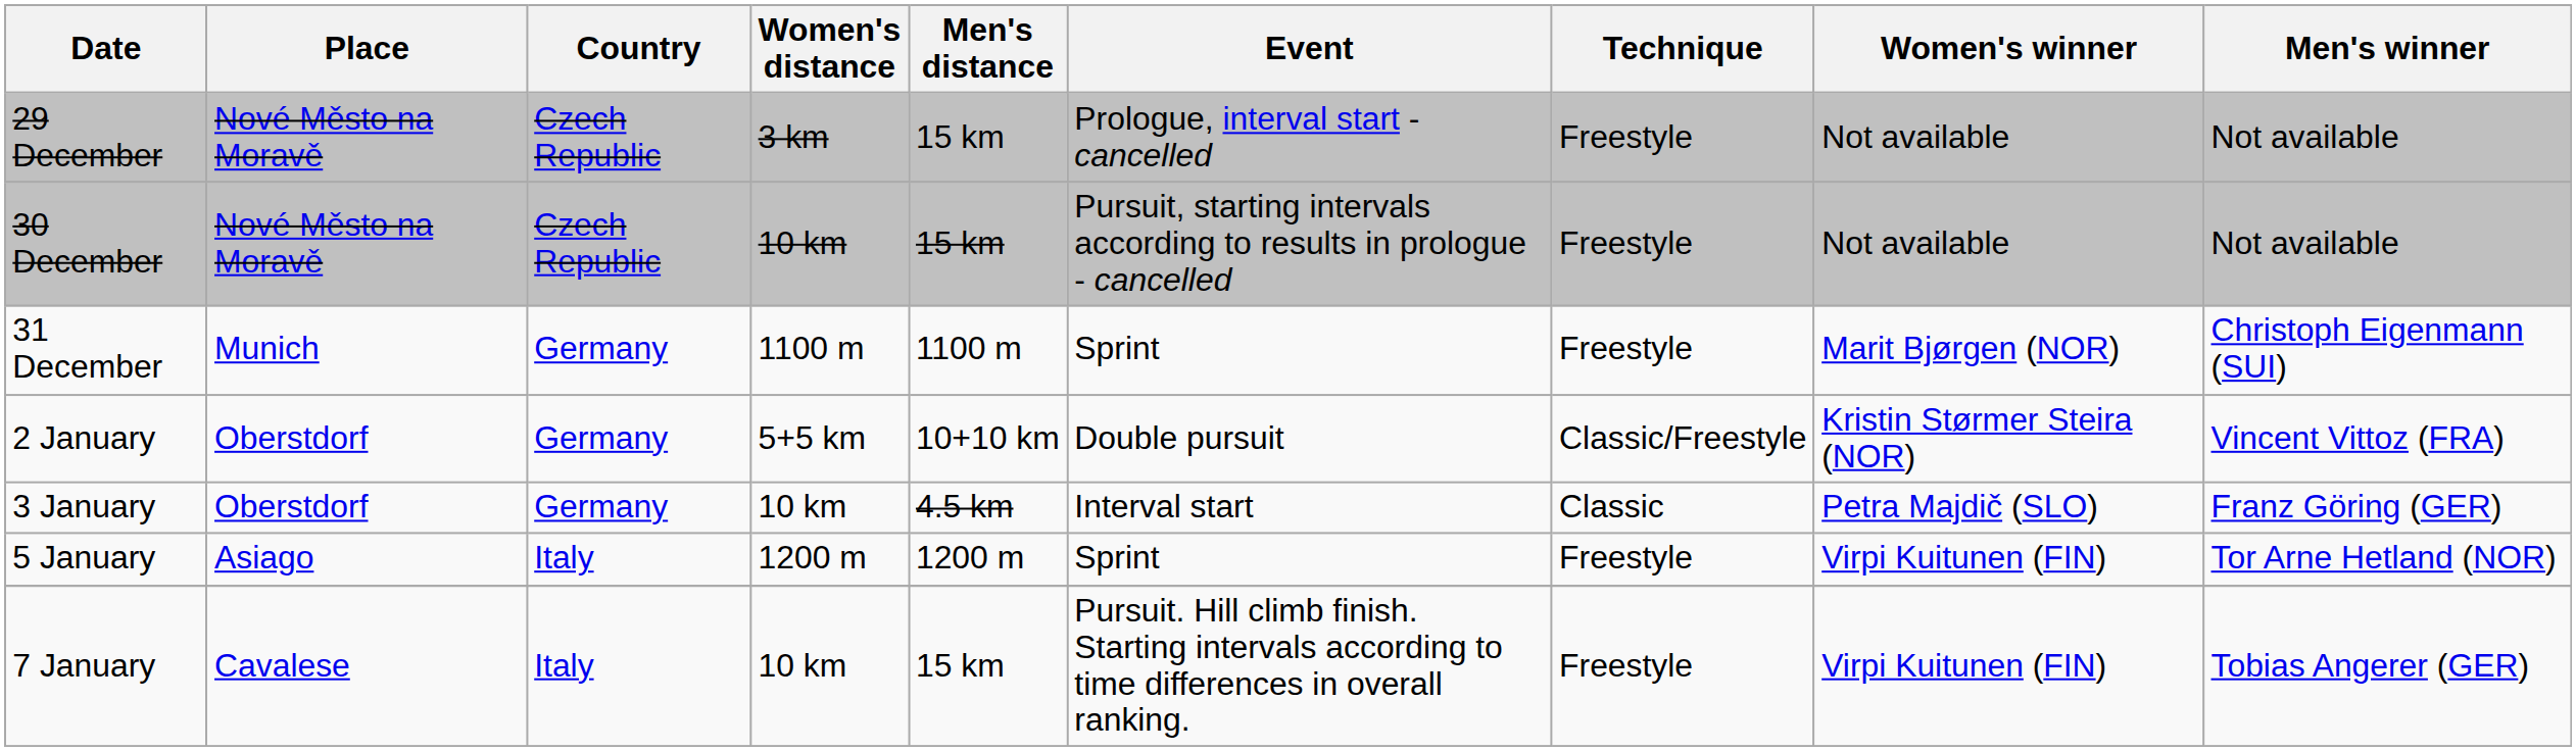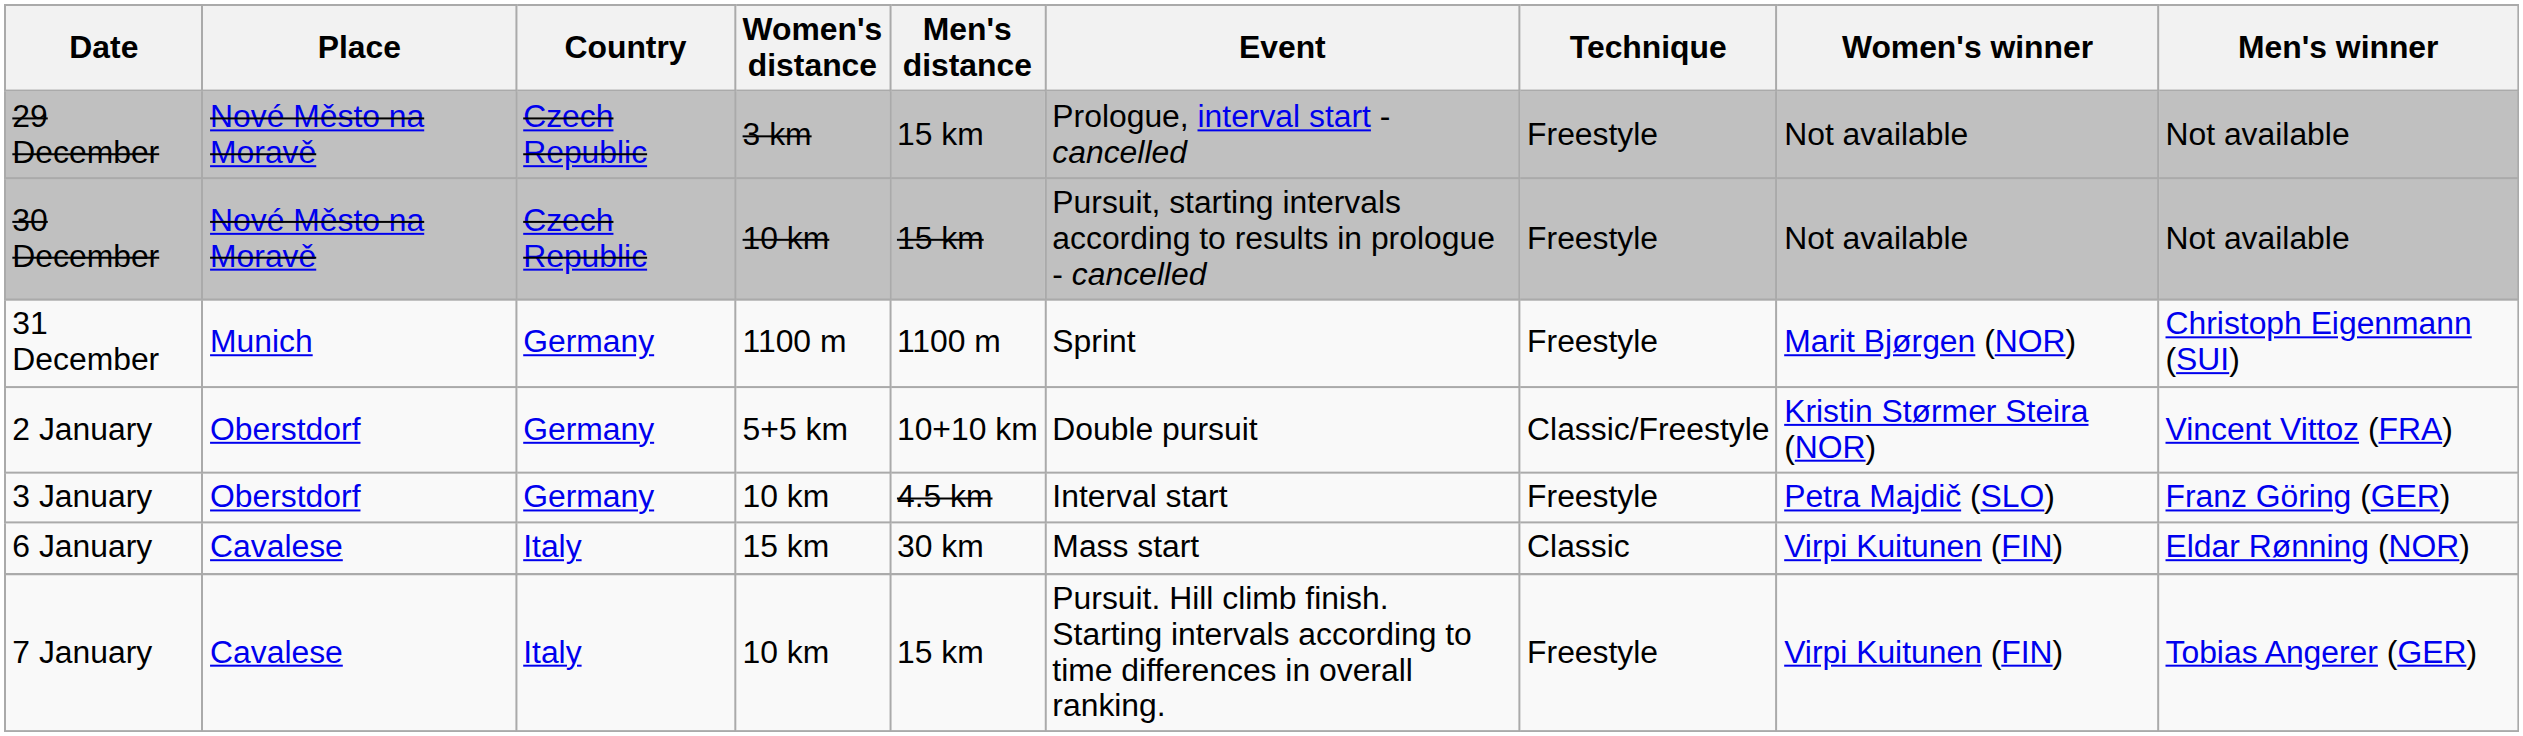 <table class="wikitable" style=" width:100%">
 <tr>
 <th style="width:8%;">Date</th>
 <th style="width:13%;">Place</th>
 <th style="width:9%;">Country</th>
 <th style="width:5%;">Women's distance</th>
 <th style="width:5%;">Men's distance</th>
 <th style="width:20%;">Event</th>
 <th style="width:9%;">Technique</th>
 <th style="width:16%;">Women's winner</th>
 <th style="width:15%;">Men's winner</th>
 </tr>
 <tr bgcolor="#C0C0C0">
 <td><s>29 December</s></td>
 <td><s><a href='#'>Nové Město na Moravě</a></s></td>
 <td><s><a href='#'>Czech Republic</a></s></td>
 <td><s>3 km</s></td>
 <td>15 km</td>
 <td>Prologue, <a href='#'>interval start</a> - <em>cancelled</em></td>
 <td>Freestyle</td>
 <td>Not available</td>
 <td>Not available</td>
 </tr>
 <tr bgcolor="#C0C0C0">
 <td><s>30 December</s></td>
 <td><s><a href='#'>Nové Město na Moravě</a></s></td>
 <td><s><a href='#'>Czech Republic</a></s></td>
 <td><s>10 km</s></td>
 <td><s>15 km</s></td>
 <td>Pursuit, starting intervals according to results in prologue - <em>cancelled</em></td>
 <td>Freestyle</td>
 <td>Not available</td>
 <td>Not available</td>
 </tr>
 <tr>
 <td>31 December</td>
 <td><a href='#'>Munich</a></td>
 <td><a href='#'>Germany</a></td>
 <td>1100 m</td>
 <td>1100 m</td>
 <td>Sprint</td>
 <td>Freestyle</td>
 <td><a href='#'>Marit Bjørgen</a> (<a href='#'>NOR</a>)</td>
 <td><a href='#'>Christoph Eigenmann</a> (<a href='#'>SUI</a>)</td>
 </tr>
 <tr>
 <td>2 January</td>
 <td><a href='#'>Oberstdorf</a></td>
 <td><a href='#'>Germany</a></td>
 <td>5+5 km</td>
 <td>10+10 km</td>
 <td>Double pursuit</td>
 <td>Classic/Freestyle</td>
 <td><a href='#'>Kristin Størmer Steira</a> (<a href='#'>NOR</a>)</td>
 <td><a href='#'>Vincent Vittoz</a> (<a href='#'>FRA</a>)</td>
 </tr>
 <tr>
 <td>3 January</td>
 <td><a href='#'>Oberstdorf</a></td>
 <td><a href='#'>Germany</a></td>
 <td>10 km</td>
 <td><s>4.5 km</s></td>
 <td>Interval start</td>
-<td>Classic</td>
+<td>Freestyle</td>
 <td><a href='#'>Petra Majdič</a> (<a href='#'>SLO</a>)</td>
 <td><a href='#'>Franz Göring</a> (<a href='#'>GER</a>)</td>
 </tr>
 <tr>
-<td>5 January</td>
-<td><a href='#'>Asiago</a></td>
+<td>6 January</td>
+<td><a href='#'>Cavalese</a></td>
 <td><a href='#'>Italy</a></td>
-<td>1200 m</td>
-<td>1200 m</td>
-<td>Sprint</td>
-<td>Freestyle</td>
+<td>15 km</td>
+<td>30 km</td>
+<td>Mass start</td>
+<td>Classic</td>
 <td><a href='#'>Virpi Kuitunen</a> (<a href='#'>FIN</a>)</td>
-<td><a href='#'>Tor Arne Hetland</a> (<a href='#'>NOR</a>)</td>
+<td><a href='#'>Eldar Rønning</a> (<a href='#'>NOR</a>)</td>
 </tr>
 <tr>
 </tr>
 <tr>
 <td>7 January</td>
 <td><a href='#'>Cavalese</a></td>
 <td><a href='#'>Italy</a></td>
 <td>10 km</td>
 <td>15 km</td>
 <td>Pursuit. Hill climb finish.<br>Starting intervals according to time differences in overall ranking.</td>
 <td>Freestyle</td>
 <td><a href='#'>Virpi Kuitunen</a> (<a href='#'>FIN</a>)</td>
 <td><a href='#'>Tobias Angerer</a> (<a href='#'>GER</a>)</td>
 </tr>
 <tr>
 </tr>
 </table>
